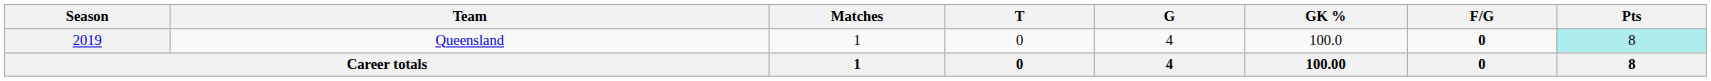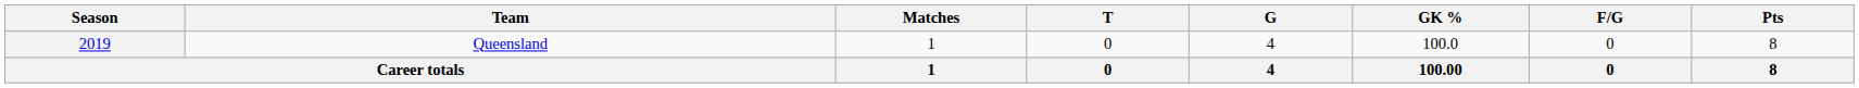 <table class="wikitable sortable"  style="font-size:90%; text-align:center; width:85%;">
 <tr>
 <th width=2%>Season</th>
 <th width=8%>Team</th>
 <th width=2%>Matches</th>
 <th width=2%>T</th>
 <th width=2%>G</th>
 <th width=2%>GK %</th>
 <th width=2%>F/G</th>
 <th width=2%>Pts</th>
 </tr>
 <tr>
 <th scope="row" style="text-align:center; font-weight:normal"><a href='#'>2019</a></th>
 <td style="text-align:center;"> <a href='#'>Queensland</a></td>
 <td>1</td>
 <td>0</td>
 <td>4</td>
 <td>100.0</td>
-<td><strong>0</strong></td>
-<td style="background: paleturquoise;">8</td>
+<td>0</td>
+<td>8</td>
 </tr>
 <tr class="sortbottom">
 <th colspan=2>Career totals</th>
 <th>1</th>
 <th>0</th>
 <th>4</th>
 <th>100.00</th>
 <th>0</th>
 <th>8</th>
 </tr>
 </table>
